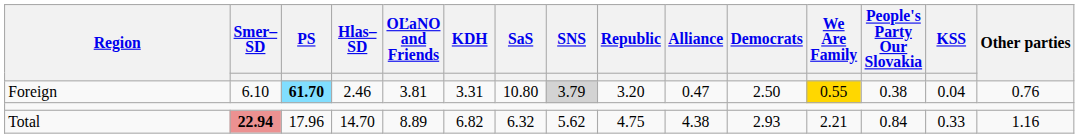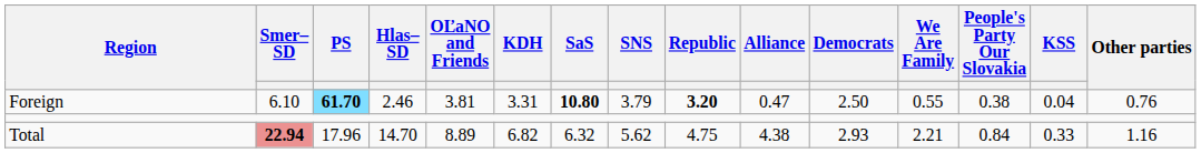 <table class="wikitable sortable nowrap" style="text-align:center;font-size:90%;line-height:14px">
 <tr>
 <th style="width:200px;" rowspan="2"><a href='#'>Region</a></th>
 <th style="width:40px;"><a href='#'>Smer–SD</a></th>
 <th style="width:40px;"><a href='#'>PS</a></th>
 <th style="width:40px;"><a href='#'>Hlas–SD</a></th>
 <th style="width:40px;"><a href='#'>OĽaNO<br>and Friends</a></th>
 <th style="width:40px;"><a href='#'>KDH</a></th>
 <th style="width:40px;"><a href='#'>SaS</a></th>
 <th style="width:40px;"><a href='#'>SNS</a></th>
 <th style="width:40px;"><a href='#'>Republic</a></th>
 <th style="width:40px;"><a href='#'>Alliance</a></th>
 <th style="width:40px;"><a href='#'>Democrats</a></th>
 <th style="width:40px;"><a href='#'>We Are<br>Family</a></th>
 <th style="width:40px;"><a href='#'>People's Party<br>Our Slovakia</a></th>
 <th style="width:40px;"><a href='#'>KSS</a></th>
 <th class="unsortable" style="width:40px;" rowspan="2">Other parties</th>
 </tr>
 <tr>
 <th style="background:"></th>
 <th style="background:"></th>
 <th style="background:"></th>
 <th style="background:"></th>
 <th style="background:"></th>
 <th style="background:"></th>
 <th style="background:"></th>
 <th style="background:"></th>
 <th style="background:"></th>
 <th style="background:"></th>
 <th style="background:"></th>
 <th style="background:"></th>
 <th style="background:"></th>
 </tr>
 <tr>
 <td align="left">Foreign</td>
 <td>6.10</td>
 <td style="background:#80deff;"><strong>61.70</strong></td>
 <td>2.46</td>
 <td>3.81</td>
 <td>3.31</td>
-<td>10.80</td>
-<td style="background: lightgrey;">3.79</td>
-<td>3.20</td>
+<td><strong>10.80</strong></td>
+<td>3.79</td>
+<td><strong>3.20</strong></td>
 <td>0.47</td>
 <td>2.50</td>
-<td style="background: gold;">0.55</td>
+<td>0.55</td>
 <td>0.38</td>
 <td>0.04</td>
 <td>0.76</td>
 </tr>
 <tr>
 <td colspan=10></td>
 </tr>
 <tr>
 <td align="left">Total</td>
 <td style="background:#ec9191;"><strong>22.94</strong></td>
 <td>17.96</td>
 <td>14.70</td>
 <td>8.89</td>
 <td>6.82</td>
 <td>6.32</td>
 <td>5.62</td>
 <td>4.75</td>
 <td>4.38</td>
 <td>2.93</td>
 <td>2.21</td>
 <td>0.84</td>
 <td>0.33</td>
 <td>1.16</td>
 </tr>
 </table>
